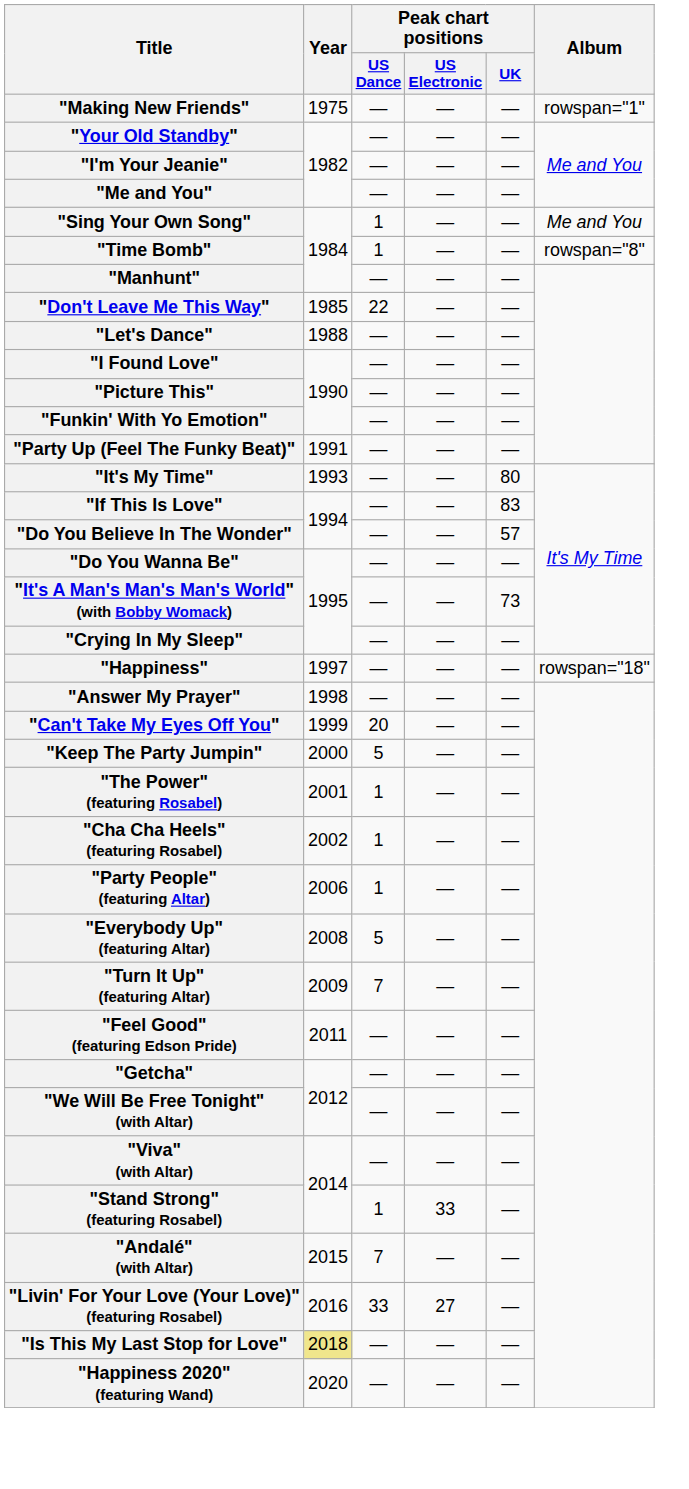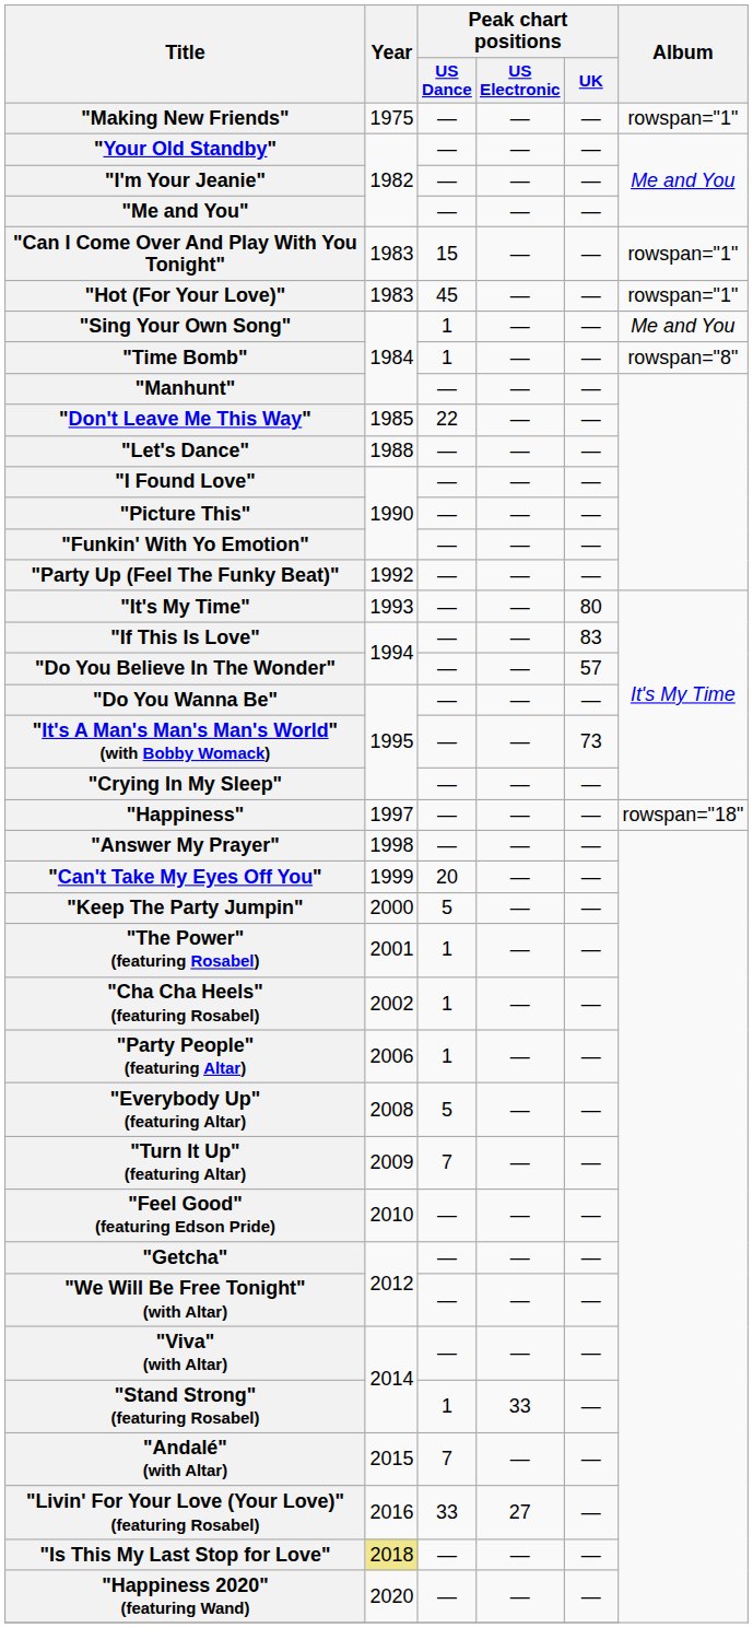 <table class="wikitable plainrowheaders" style="text-align: center;" border="1">
 <tr>
 <th rowspan="2">Title</th>
 <th rowspan="2">Year</th>
 <th colspan="3">Peak chart positions</th>
 <th rowspan="2">Album</th>
 </tr>
 <tr>
 <th scope="col" style="width:2.75em;font-size:85%;"><a href='#'>US Dance</a><br></th>
 <th scope="col" style="width:2.75em;font-size:85%;"><a href='#'>US Electronic</a><br></th>
 <th scope="col" style="width:2.75em;font-size:85%;"><a href='#'>UK</a><br></th>
 </tr>
 <tr>
 <th scope="row">"Making New Friends"</th>
 <td rowspan="1">1975</td>
 <td>—</td>
 <td>—</td>
 <td>—</td>
 <td>rowspan="1" </td>
 </tr>
 <tr>
 <th scope="row">"<a href='#'>Your Old Standby</a>"</th>
 <td rowspan="3">1982</td>
 <td>—</td>
 <td>—</td>
 <td>—</td>
 <td rowspan="3"><em><a href='#'>Me and You</a></em></td>
 </tr>
 <tr>
 <th scope="row">"I'm Your Jeanie"</th>
 <td>—</td>
 <td>—</td>
 <td>—</td>
 </tr>
 <tr>
 <th scope="row">"Me and You"</th>
 <td>—</td>
 <td>—</td>
 <td>—</td>
+</tr>
+<tr>
+<th scope="row">"Can I Come Over And Play With You Tonight"</th>
+<td rowspan="1">1983</td>
+<td>15</td>
+<td>—</td>
+<td>—</td>
+<td>rowspan="1" </td>
+</tr>
+<tr>
+<th scope="row">"Hot (For Your Love)"</th>
+<td rowspan="1">1983</td>
+<td>45</td>
+<td>—</td>
+<td>—</td>
+<td>rowspan="1" </td>
 </tr>
 <tr>
 <th scope="row">"Sing Your Own Song"</th>
 <td rowspan="3">1984</td>
 <td>1</td>
 <td>—</td>
 <td>—</td>
 <td rowspan="1"><em>Me and You</em></td>
 </tr>
 <tr>
 <th scope="row">"Time Bomb"</th>
 <td>1</td>
 <td>—</td>
 <td>—</td>
 <td>rowspan="8" </td>
 </tr>
 <tr>
 <th scope="row">"Manhunt"</th>
 <td>—</td>
 <td>—</td>
 <td>—</td>
 </tr>
 <tr>
 <th scope="row">"<a href='#'>Don't Leave Me This Way</a>"</th>
 <td rowspan="1">1985</td>
 <td>22</td>
 <td>—</td>
 <td>—</td>
 </tr>
 <tr>
 <th scope="row">"Let's Dance"</th>
 <td rowspan="1">1988</td>
 <td>—</td>
 <td>—</td>
 <td>—</td>
 </tr>
 <tr>
 <th scope="row">"I Found Love"</th>
 <td rowspan="3">1990</td>
 <td>—</td>
 <td>—</td>
 <td>—</td>
 </tr>
 <tr>
 <th scope="row">"Picture This"</th>
 <td>—</td>
 <td>—</td>
 <td>—</td>
 </tr>
 <tr>
 <th scope="row">"Funkin' With Yo Emotion"</th>
 <td>—</td>
 <td>—</td>
 <td>—</td>
 </tr>
 <tr>
 <th scope="row">"Party Up (Feel The Funky Beat)"</th>
-<td rowspan="1">1991</td>
+<td rowspan="1">1992</td>
 <td>—</td>
 <td>—</td>
 <td>—</td>
 </tr>
 <tr>
 <th scope="row">"It's My Time"</th>
 <td rowspan="1">1993</td>
 <td>—</td>
 <td>—</td>
 <td>80</td>
 <td rowspan="6"><em><a href='#'>It's My Time</a></em></td>
 </tr>
 <tr>
 <th scope="row">"If This Is Love"</th>
 <td rowspan="2">1994</td>
 <td>—</td>
 <td>—</td>
 <td>83</td>
 </tr>
 <tr>
 <th scope="row">"Do You Believe In The Wonder"</th>
 <td>—</td>
 <td>—</td>
 <td>57</td>
 </tr>
 <tr>
 <th scope="row">"Do You Wanna Be"</th>
 <td rowspan="3">1995</td>
 <td>—</td>
 <td>—</td>
 <td>—</td>
 </tr>
 <tr>
 <th scope="row">"<a href='#'>It's A Man's Man's Man's World</a>"<br><small>(with <a href='#'>Bobby Womack</a>)</small></th>
 <td>—</td>
 <td>—</td>
 <td>73</td>
 </tr>
 <tr>
 <th scope="row">"Crying In My Sleep"</th>
 <td>—</td>
 <td>—</td>
 <td>—</td>
 </tr>
 <tr>
 <th scope="row">"Happiness"</th>
 <td rowspan="1">1997</td>
 <td>—</td>
 <td>—</td>
 <td>—</td>
 <td>rowspan="18" </td>
 </tr>
 <tr>
 <th scope="row">"Answer My Prayer"</th>
 <td rowspan="1">1998</td>
 <td>—</td>
 <td>—</td>
 <td>—</td>
 </tr>
 <tr>
 <th scope="row">"<a href='#'>Can't Take My Eyes Off You</a>"</th>
 <td rowspan="1">1999</td>
 <td>20</td>
 <td>—</td>
 <td>—</td>
 </tr>
 <tr>
 <th scope="row">"Keep The Party Jumpin"</th>
 <td rowspan="1">2000</td>
 <td>5</td>
 <td>—</td>
 <td>—</td>
 </tr>
 <tr>
 <th scope="row">"The Power"<br><small>(featuring <a href='#'>Rosabel</a>)</small></th>
 <td rowspan="1">2001</td>
 <td>1</td>
 <td>—</td>
 <td>—</td>
 </tr>
 <tr>
 <th scope="row">"Cha Cha Heels"<br><small>(featuring Rosabel)</small></th>
 <td rowspan="1">2002</td>
 <td>1</td>
 <td>—</td>
 <td>—</td>
 </tr>
 <tr>
 <th scope="row">"Party People"<br><small>(featuring <a href='#'>Altar</a>)</small></th>
 <td rowspan="1">2006</td>
 <td>1</td>
 <td>—</td>
 <td>—</td>
 </tr>
 <tr>
 <th scope="row">"Everybody Up"<br><small>(featuring Altar)</small></th>
 <td rowspan="1">2008</td>
 <td>5</td>
 <td>—</td>
 <td>—</td>
 </tr>
 <tr>
 <th scope="row">"Turn It Up"<br><small>(featuring Altar)</small></th>
 <td rowspan="1">2009</td>
 <td>7</td>
 <td>—</td>
 <td>—</td>
 </tr>
 <tr>
 <th scope="row">"Feel Good"<br><small>(featuring Edson Pride)</small></th>
-<td rowspan="1">2011</td>
+<td rowspan="1">2010</td>
 <td>—</td>
 <td>—</td>
 <td>—</td>
 </tr>
 <tr>
 <th scope="row">"Getcha"</th>
 <td rowspan="2">2012</td>
 <td>—</td>
 <td>—</td>
 <td>—</td>
 </tr>
 <tr>
 <th scope="row">"We Will Be Free Tonight"<br><small>(with Altar)</small></th>
 <td>—</td>
 <td>—</td>
 <td>—</td>
 </tr>
 <tr>
 <th scope="row">"Viva"<br><small>(with Altar)</small></th>
 <td rowspan="2">2014</td>
 <td>—</td>
 <td>—</td>
 <td>—</td>
 </tr>
 <tr>
 <th scope="row">"Stand Strong"<br><small>(featuring Rosabel)</small></th>
 <td>1</td>
 <td>33</td>
 <td>—</td>
 </tr>
 <tr>
 <th scope="row">"Andalé"<br><small>(with Altar)</small></th>
 <td rowspan="1">2015</td>
 <td>7</td>
 <td>—</td>
 <td>—</td>
 </tr>
 <tr>
 <th scope="row">"Livin' For Your Love (Your Love)"<br><small>(featuring Rosabel)</small></th>
 <td rowspan="1">2016</td>
 <td>33</td>
 <td>27</td>
 <td>—</td>
 </tr>
 <tr>
 <th scope="row">"Is This My Last Stop for Love"</th>
 <td rowspan="1" style="background: khaki;">2018</td>
 <td>—</td>
 <td>—</td>
 <td>—</td>
 </tr>
 <tr>
 <th scope="row">"Happiness 2020"<br><small>(featuring Wand)</small></th>
 <td rowspan="1">2020</td>
 <td>—</td>
 <td>—</td>
 <td>—</td>
 </tr>
 <tr>
 </tr>
 </table>
